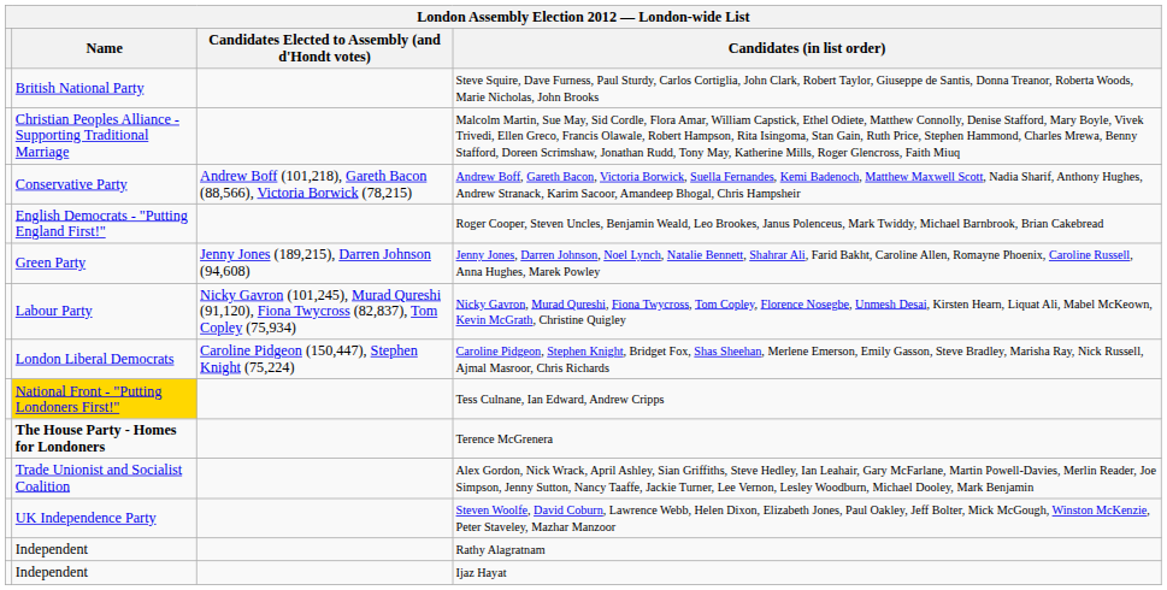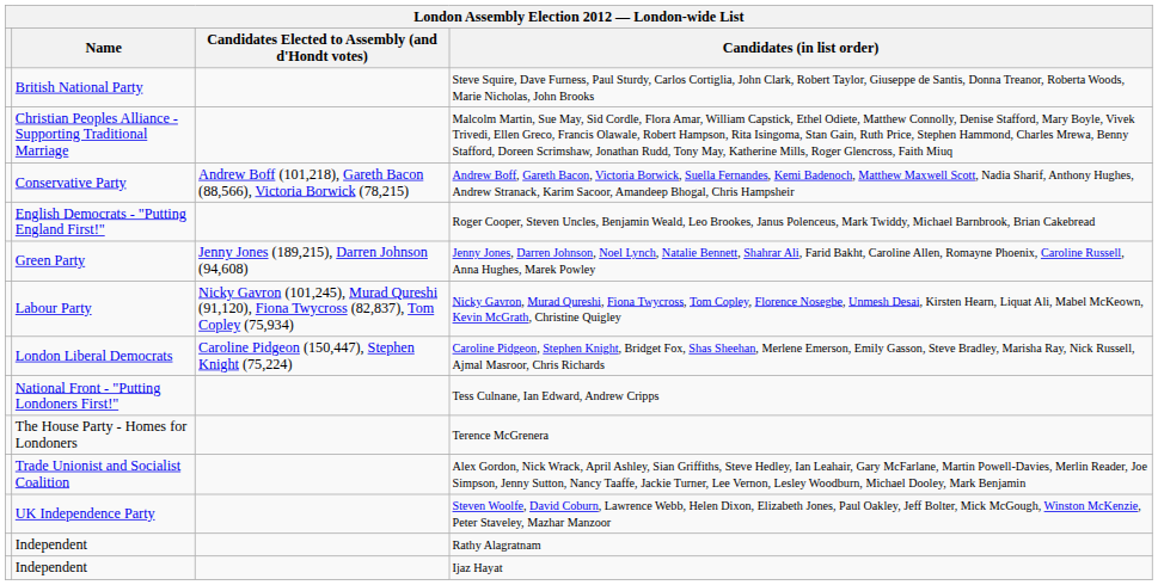 <table class="wikitable" style="margin: 1em auto 1em auto">
 <tr>
 <th colspan="9">London Assembly Election 2012 — London-wide List</th>
 </tr>
 <tr>
 <th></th>
 <th>Name</th>
 <th>Candidates Elected to Assembly (and d'Hondt votes)</th>
 <th>Candidates (in list order)</th>
 </tr>
 <tr>
 <td></td>
 <td><a href='#'>British National Party</a></td>
 <td></td>
 <td><small>Steve Squire, Dave Furness, Paul Sturdy, Carlos Cortiglia, John Clark, Robert Taylor, Giuseppe de Santis, Donna Treanor, Roberta Woods, Marie Nicholas, John Brooks</small></td>
 </tr>
 <tr>
 <td></td>
 <td><a href='#'>Christian Peoples Alliance - Supporting Traditional Marriage</a></td>
 <td></td>
 <td><small>Malcolm Martin, Sue May, Sid Cordle, Flora Amar, William Capstick, Ethel Odiete, Matthew Connolly, Denise Stafford, Mary Boyle, Vivek Trivedi, Ellen Greco, Francis Olawale, Robert Hampson, Rita Isingoma, Stan Gain, Ruth Price, Stephen Hammond, Charles Mrewa, Benny Stafford, Doreen Scrimshaw, Jonathan Rudd, Tony May, Katherine Mills, Roger Glencross, Faith Miuq</small></td>
 </tr>
 <tr>
 <td></td>
 <td><a href='#'>Conservative Party</a></td>
 <td><a href='#'>Andrew Boff</a> (101,218), <a href='#'>Gareth Bacon</a> (88,566), <a href='#'>Victoria Borwick</a> (78,215)</td>
 <td><small><a href='#'>Andrew Boff</a>, <a href='#'>Gareth Bacon</a>, <a href='#'>Victoria Borwick</a>, <a href='#'>Suella Fernandes</a>, <a href='#'>Kemi Badenoch</a>, <a href='#'>Matthew Maxwell Scott</a>, Nadia Sharif, Anthony Hughes, Andrew Stranack, Karim Sacoor, Amandeep Bhogal, Chris Hampsheir</small></td>
 </tr>
 <tr>
 <td></td>
 <td><a href='#'>English Democrats - "Putting England First!"</a></td>
 <td></td>
 <td><small>Roger Cooper, Steven Uncles, Benjamin Weald, Leo Brookes, Janus Polenceus, Mark Twiddy, Michael Barnbrook, Brian Cakebread</small></td>
 </tr>
 <tr>
 <td></td>
 <td><a href='#'>Green Party</a></td>
 <td><a href='#'>Jenny Jones</a> (189,215), <a href='#'>Darren Johnson</a> (94,608)</td>
 <td><small><a href='#'>Jenny Jones</a>, <a href='#'>Darren Johnson</a>, <a href='#'>Noel Lynch</a>, <a href='#'>Natalie Bennett</a>, <a href='#'>Shahrar Ali</a>, Farid Bakht, Caroline Allen, Romayne Phoenix, <a href='#'>Caroline Russell</a>, Anna Hughes, Marek Powley</small></td>
 </tr>
 <tr>
 <td></td>
 <td><a href='#'>Labour Party</a></td>
 <td><a href='#'>Nicky Gavron</a> (101,245), <a href='#'>Murad Qureshi</a> (91,120), <a href='#'>Fiona Twycross</a> (82,837), <a href='#'>Tom Copley</a> (75,934)</td>
 <td><small><a href='#'>Nicky Gavron</a>, <a href='#'>Murad Qureshi</a>, <a href='#'>Fiona Twycross</a>, <a href='#'>Tom Copley</a>, <a href='#'>Florence Nosegbe</a>, <a href='#'>Unmesh Desai</a>, Kirsten Hearn, Liquat Ali, Mabel McKeown, <a href='#'>Kevin McGrath</a>, Christine Quigley</small></td>
 </tr>
 <tr>
 <td></td>
 <td><a href='#'>London Liberal Democrats</a></td>
 <td><a href='#'>Caroline Pidgeon</a> (150,447), <a href='#'>Stephen Knight</a> (75,224)</td>
 <td><small><a href='#'>Caroline Pidgeon</a>, <a href='#'>Stephen Knight</a>, Bridget Fox, <a href='#'>Shas Sheehan</a>, Merlene Emerson, Emily Gasson, Steve Bradley, Marisha Ray, Nick Russell, Ajmal Masroor, Chris Richards</small></td>
 </tr>
 <tr>
 <td></td>
-<td style="background: gold;"><a href='#'>National Front - "Putting Londoners First!"</a></td>
+<td><a href='#'>National Front - "Putting Londoners First!"</a></td>
 <td></td>
 <td><small>Tess Culnane, Ian Edward, Andrew Cripps</small></td>
 </tr>
 <tr>
 <td></td>
-<td><strong>The House Party - Homes for Londoners</strong></td>
+<td>The House Party - Homes for Londoners</td>
 <td></td>
 <td><small>Terence McGrenera</small></td>
 </tr>
 <tr>
 <td></td>
 <td><a href='#'>Trade Unionist and Socialist Coalition</a></td>
 <td></td>
 <td><small>Alex Gordon, Nick Wrack, April Ashley, Sian Griffiths, Steve Hedley, Ian Leahair, Gary McFarlane, Martin Powell-Davies, Merlin Reader, Joe Simpson, Jenny Sutton, Nancy Taaffe, Jackie Turner, Lee Vernon, Lesley Woodburn, Michael Dooley, Mark Benjamin</small></td>
 </tr>
 <tr>
 <td></td>
 <td><a href='#'>UK Independence Party</a></td>
 <td></td>
 <td><small><a href='#'>Steven Woolfe</a>, <a href='#'>David Coburn</a>, Lawrence Webb, Helen Dixon, Elizabeth Jones, Paul Oakley, Jeff Bolter, Mick McGough, <a href='#'>Winston McKenzie</a>, Peter Staveley, Mazhar Manzoor</small></td>
 </tr>
 <tr>
 <td></td>
 <td>Independent</td>
 <td></td>
 <td><small>Rathy Alagratnam</small></td>
 </tr>
 <tr>
 <td></td>
 <td>Independent</td>
 <td></td>
 <td><small>Ijaz Hayat</small></td>
 </tr>
 </table>
